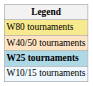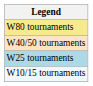 <table class=wikitable style="font-size:85%">
 <tr>
 <th>Legend</th>
 </tr>
 <tr style="background:#f7e98e;">
 <td>W80 tournaments</td>
 </tr>
 <tr style="background:#ffe4c4;">
 <td>W40/50 tournaments</td>
 </tr>
 <tr style="background:lightblue;">
-<td><strong>W25 tournaments</strong></td>
+<td>W25 tournaments</td>
 </tr>
 <tr style="background:#f0f8ff;">
 <td>W10/15 tournaments</td>
 </tr>
 </table>
